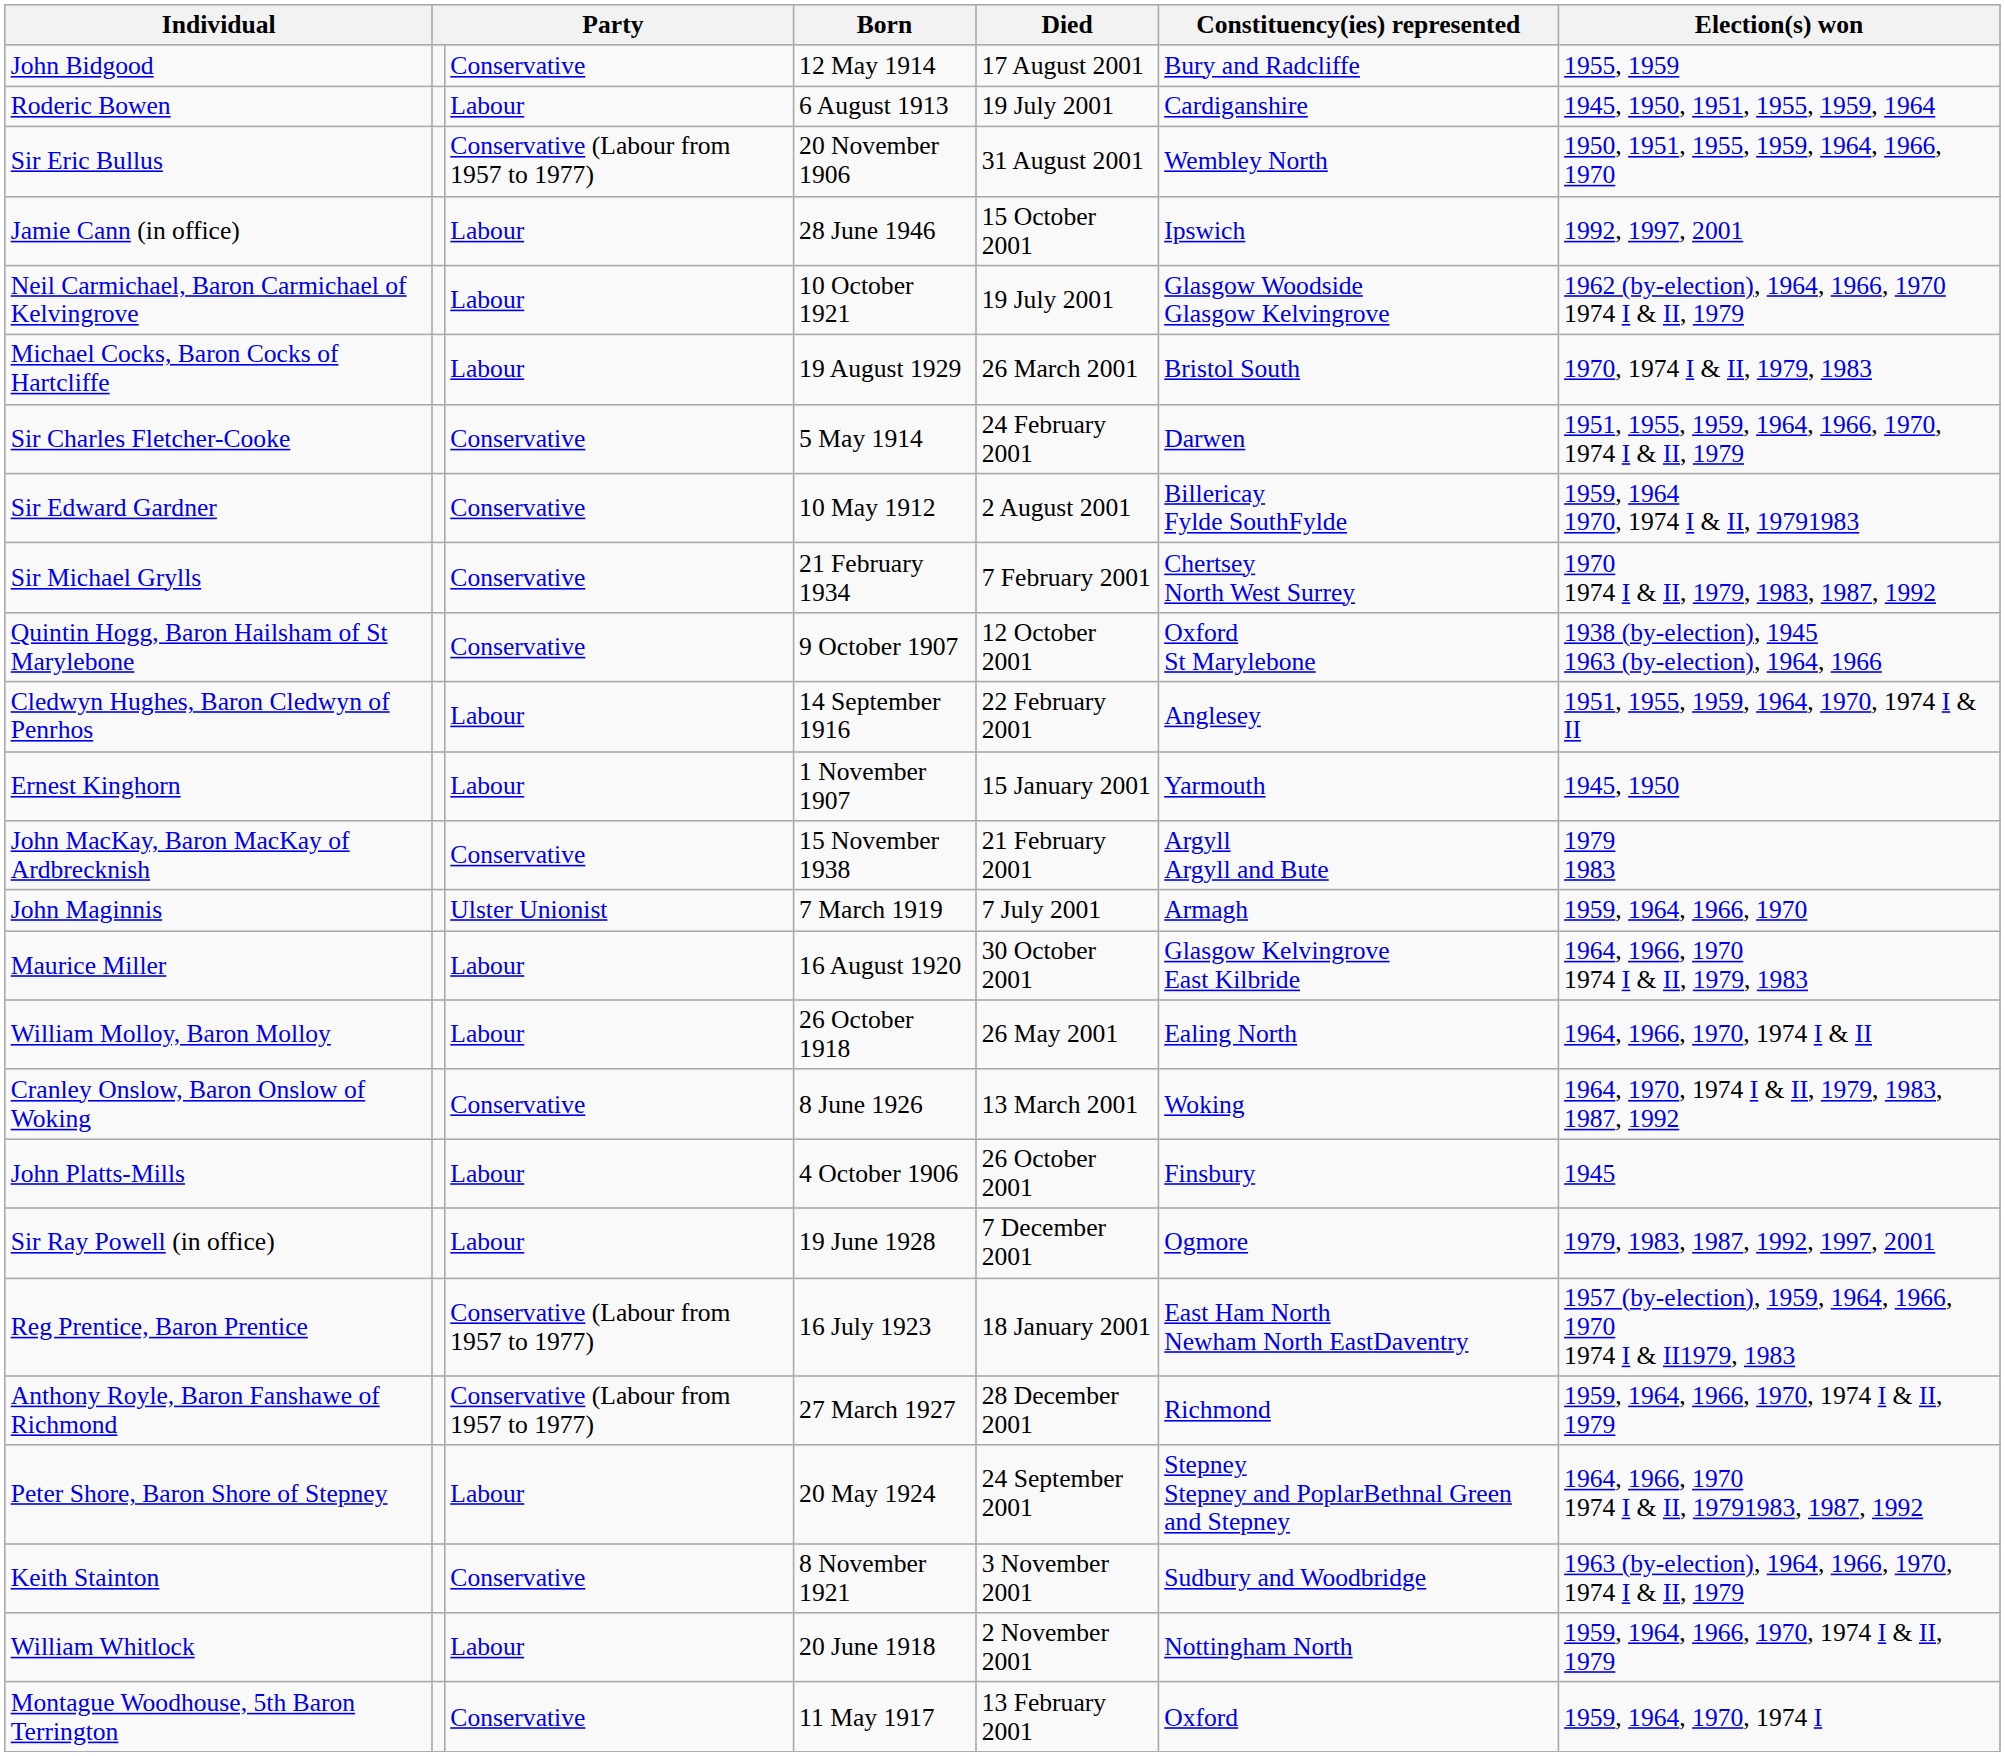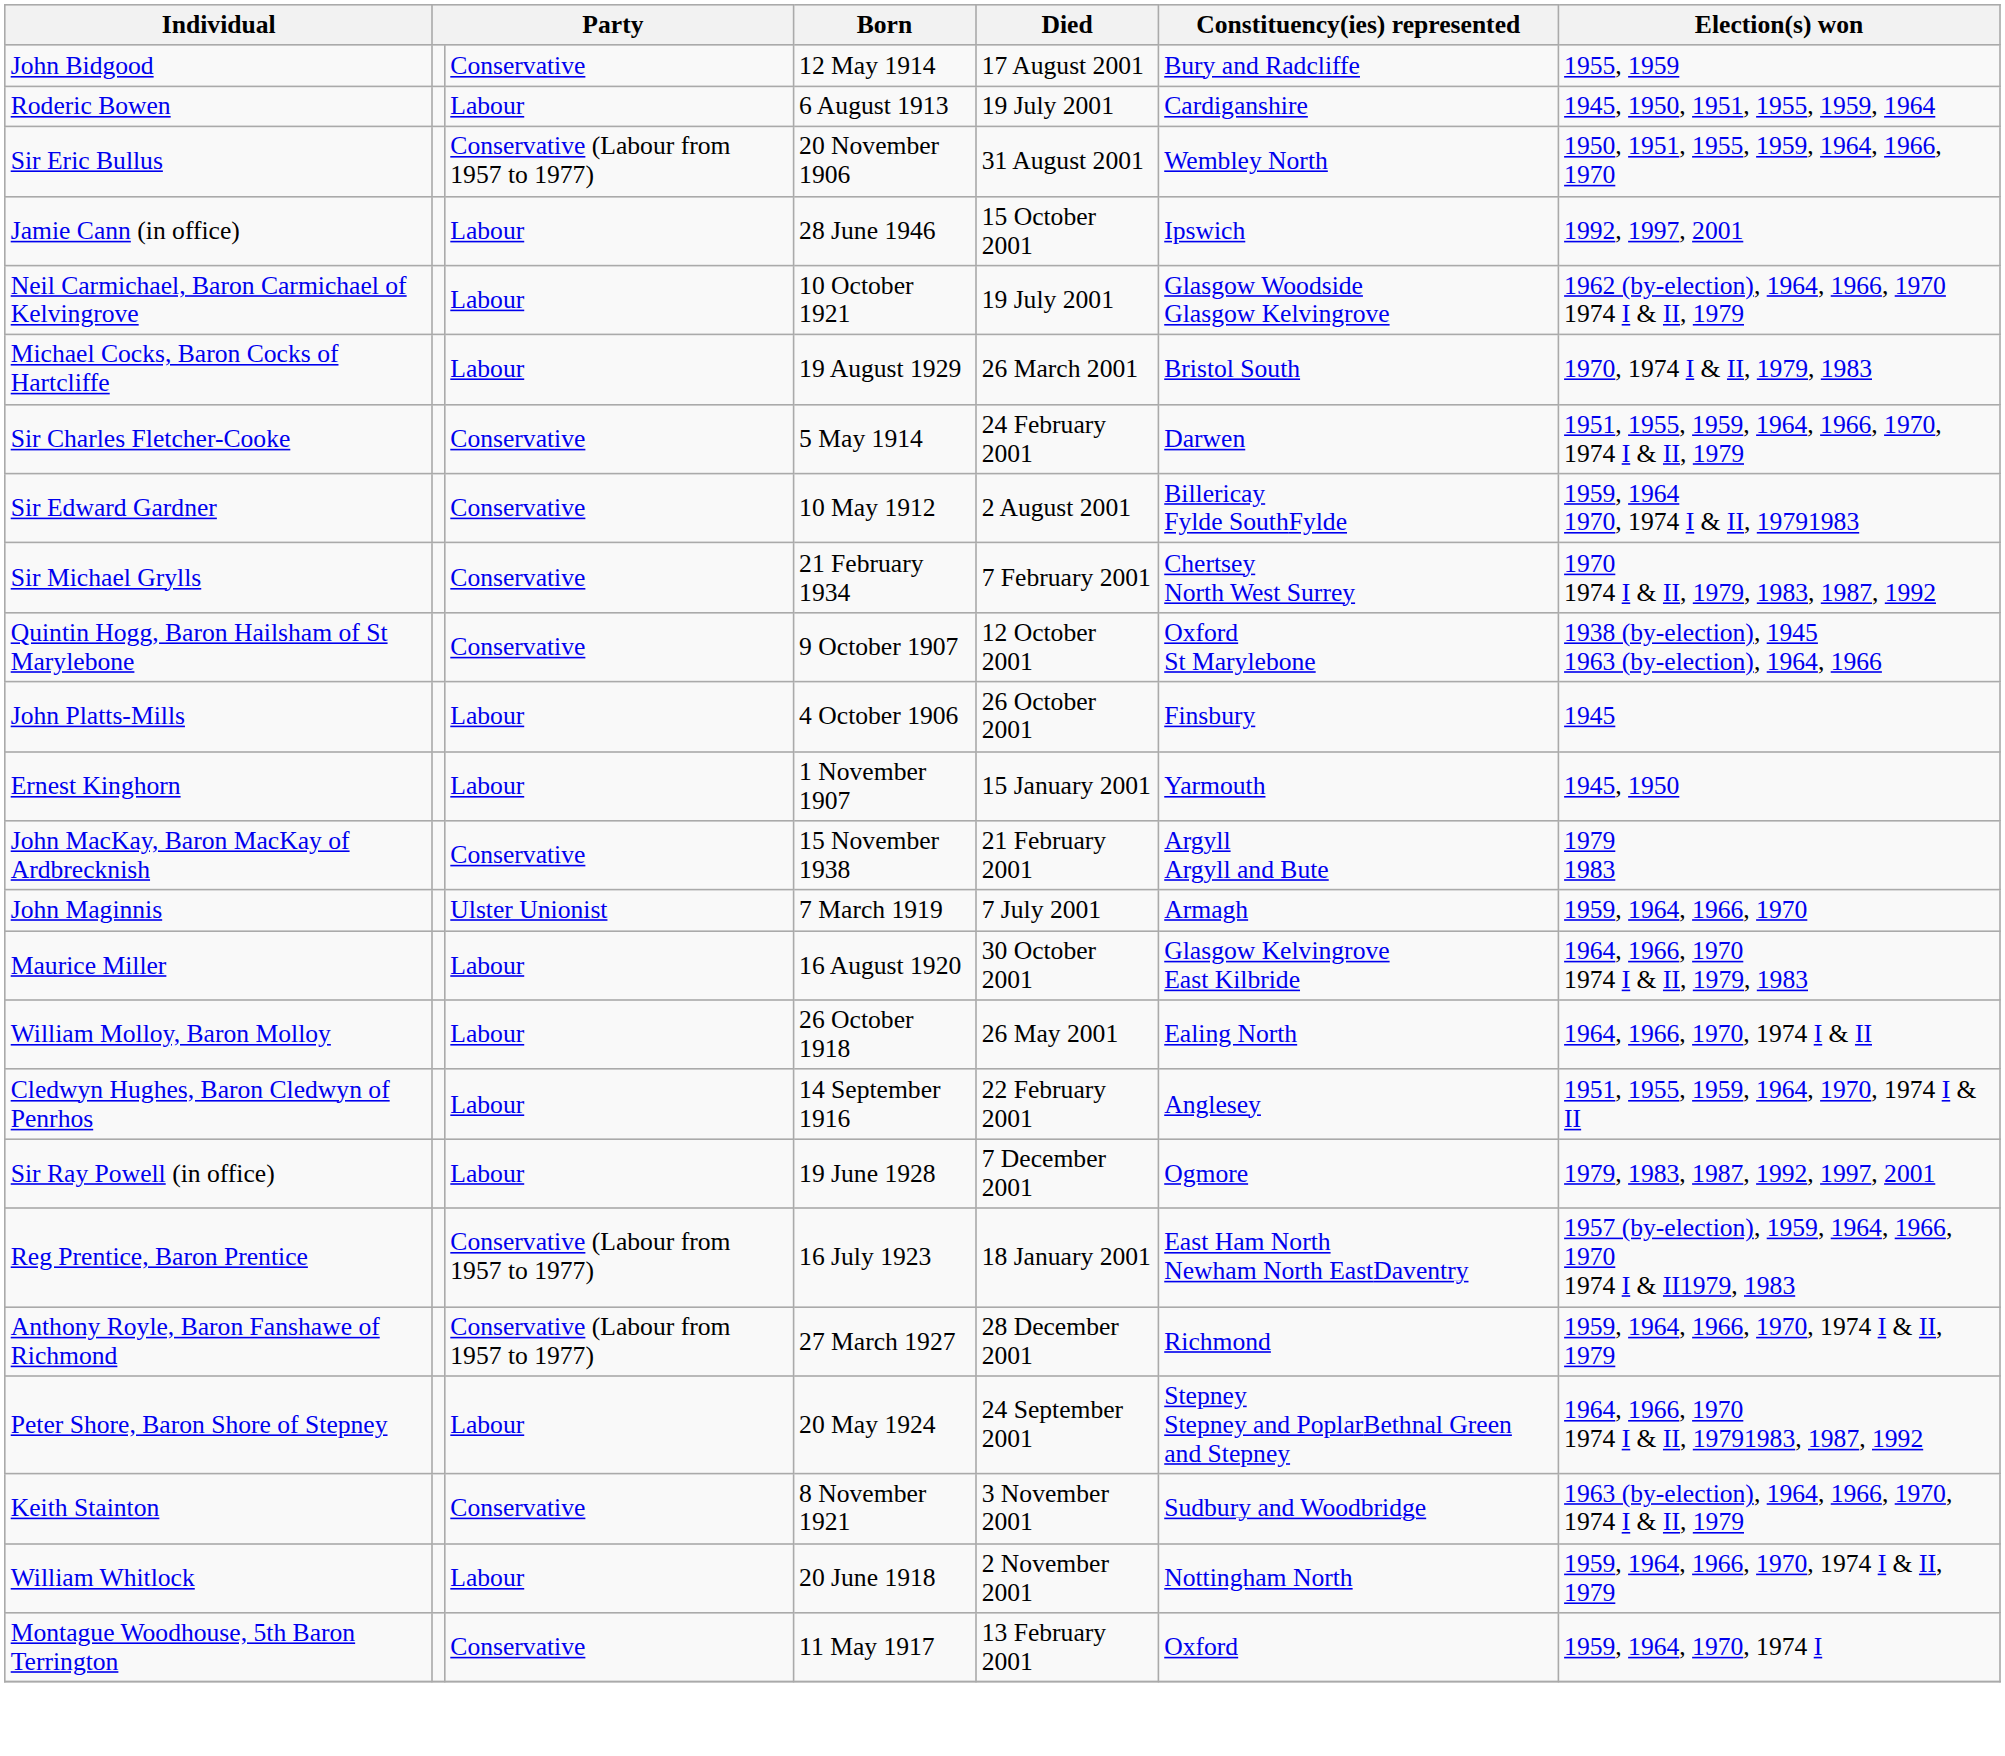 <table class="wikitable sortable">
 <tr>
 <th width="260px">Individual</th>
 <th colspan="2">Party</th>
 <th>Born</th>
 <th>Died</th>
 <th>Constituency(ies) represented</th>
 <th>Election(s) won</th>
 </tr>
 <tr>
 <td><a href='#'>John Bidgood</a></td>
 <td style="background-color: "></td>
 <td><a href='#'>Conservative</a></td>
 <td>12 May 1914</td>
 <td>17 August 2001</td>
 <td><a href='#'>Bury and Radcliffe</a></td>
 <td><a href='#'>1955</a>, <a href='#'>1959</a></td>
 </tr>
 <tr>
 <td><a href='#'>Roderic Bowen</a></td>
 <td style="background-color: "></td>
 <td><a href='#'>Labour</a></td>
 <td>6 August 1913</td>
 <td>19 July 2001</td>
 <td><a href='#'>Cardiganshire</a></td>
 <td><a href='#'>1945</a>, <a href='#'>1950</a>, <a href='#'>1951</a>, <a href='#'>1955</a>, <a href='#'>1959</a>, <a href='#'>1964</a></td>
 </tr>
 <tr>
 <td><a href='#'>Sir Eric Bullus</a></td>
 <td style="background-color: "></td>
 <td><a href='#'>Conservative</a> (Labour from 1957 to 1977)</td>
 <td>20 November 1906</td>
 <td>31 August 2001</td>
 <td><a href='#'>Wembley North</a></td>
 <td><a href='#'>1950</a>, <a href='#'>1951</a>, <a href='#'>1955</a>, <a href='#'>1959</a>, <a href='#'>1964</a>, <a href='#'>1966</a>, <a href='#'>1970</a></td>
 </tr>
 <tr>
 <td><a href='#'>Jamie Cann</a> (in office)</td>
 <td style="background-color: "></td>
 <td><a href='#'>Labour</a></td>
 <td>28 June 1946</td>
 <td>15 October 2001</td>
 <td><a href='#'>Ipswich</a></td>
 <td><a href='#'>1992</a>, <a href='#'>1997</a>, <a href='#'>2001</a></td>
 </tr>
 <tr>
 <td><a href='#'>Neil Carmichael, Baron Carmichael of Kelvingrove</a></td>
 <td style="background-color: "></td>
 <td><a href='#'>Labour</a></td>
 <td>10 October 1921</td>
 <td>19 July 2001</td>
 <td><a href='#'>Glasgow Woodside</a><br><a href='#'>Glasgow Kelvingrove</a></td>
 <td><a href='#'>1962 (by-election)</a>, <a href='#'>1964</a>, <a href='#'>1966</a>, <a href='#'>1970</a><br>1974 <a href='#'>I</a> & <a href='#'>II</a>, <a href='#'>1979</a></td>
 </tr>
 <tr>
 <td><a href='#'>Michael Cocks, Baron Cocks of Hartcliffe</a></td>
 <td style="background-color: "></td>
 <td><a href='#'>Labour</a></td>
 <td>19 August 1929</td>
 <td>26 March 2001</td>
 <td><a href='#'>Bristol South</a></td>
 <td><a href='#'>1970</a>, 1974 <a href='#'>I</a> & <a href='#'>II</a>, <a href='#'>1979</a>, <a href='#'>1983</a></td>
 </tr>
 <tr>
 <td><a href='#'>Sir Charles Fletcher-Cooke</a></td>
 <td style="background-color: "></td>
 <td><a href='#'>Conservative</a></td>
 <td>5 May 1914</td>
 <td>24 February 2001</td>
 <td><a href='#'>Darwen</a></td>
 <td><a href='#'>1951</a>, <a href='#'>1955</a>, <a href='#'>1959</a>, <a href='#'>1964</a>, <a href='#'>1966</a>, <a href='#'>1970</a>, 1974 <a href='#'>I</a> & <a href='#'>II</a>, <a href='#'>1979</a></td>
 </tr>
 <tr>
 <td><a href='#'>Sir Edward Gardner</a></td>
 <td style="background-color: "></td>
 <td><a href='#'>Conservative</a></td>
 <td>10 May 1912</td>
 <td>2 August 2001</td>
 <td><a href='#'>Billericay</a><br><a href='#'>Fylde South</a><a href='#'>Fylde</a></td>
 <td><a href='#'>1959</a>, <a href='#'>1964</a><br><a href='#'>1970</a>, 1974 <a href='#'>I</a> & <a href='#'>II</a>, <a href='#'>1979</a><a href='#'>1983</a></td>
 </tr>
 <tr>
 <td><a href='#'>Sir Michael Grylls</a></td>
 <td style="background-color: "></td>
 <td><a href='#'>Conservative</a></td>
 <td>21 February 1934</td>
 <td>7 February 2001</td>
 <td><a href='#'>Chertsey</a><br><a href='#'>North West Surrey</a></td>
 <td><a href='#'>1970</a><br>1974 <a href='#'>I</a> & <a href='#'>II</a>, <a href='#'>1979</a>, <a href='#'>1983</a>, <a href='#'>1987</a>, <a href='#'>1992</a></td>
 </tr>
 <tr>
 <td><a href='#'>Quintin Hogg, Baron Hailsham of St Marylebone</a></td>
 <td style="background-color: "></td>
 <td><a href='#'>Conservative</a></td>
 <td>9 October 1907</td>
 <td>12 October 2001</td>
 <td><a href='#'>Oxford</a><br><a href='#'>St Marylebone</a></td>
 <td><a href='#'>1938 (by-election)</a>, <a href='#'>1945</a><br><a href='#'>1963 (by-election)</a>, <a href='#'>1964</a>, <a href='#'>1966</a></td>
 </tr>
 <tr>
-<td><a href='#'>Cledwyn Hughes, Baron Cledwyn of Penrhos</a></td>
+<td><a href='#'>John Platts-Mills</a></td>
 <td style="background-color: "></td>
 <td><a href='#'>Labour</a></td>
-<td>14 September 1916</td>
-<td>22 February 2001</td>
-<td><a href='#'>Anglesey</a></td>
-<td><a href='#'>1951</a>, <a href='#'>1955</a>, <a href='#'>1959</a>, <a href='#'>1964</a>, <a href='#'>1970</a>, 1974 <a href='#'>I</a> & <a href='#'>II</a></td>
+<td>4 October 1906</td>
+<td>26 October 2001</td>
+<td><a href='#'>Finsbury</a></td>
+<td><a href='#'>1945</a></td>
 </tr>
 <tr>
 <td><a href='#'>Ernest Kinghorn</a></td>
 <td style="background-color: "></td>
 <td><a href='#'>Labour</a></td>
 <td>1 November 1907</td>
 <td>15 January 2001</td>
 <td><a href='#'>Yarmouth</a></td>
 <td><a href='#'>1945</a>, <a href='#'>1950</a></td>
 </tr>
 <tr>
 <td><a href='#'>John MacKay, Baron MacKay of Ardbrecknish</a></td>
 <td style="background-color: "></td>
 <td><a href='#'>Conservative</a></td>
 <td>15 November 1938</td>
 <td>21 February 2001</td>
 <td><a href='#'>Argyll</a><br><a href='#'>Argyll and Bute</a></td>
 <td><a href='#'>1979</a><br><a href='#'>1983</a></td>
 </tr>
 <tr>
 <td><a href='#'>John Maginnis</a></td>
 <td style="background-color: "></td>
 <td><a href='#'>Ulster Unionist</a></td>
 <td>7 March 1919</td>
 <td>7 July 2001</td>
 <td><a href='#'>Armagh</a></td>
 <td><a href='#'>1959</a>, <a href='#'>1964</a>, <a href='#'>1966</a>, <a href='#'>1970</a></td>
 </tr>
 <tr>
 <td><a href='#'>Maurice Miller</a></td>
 <td style="background-color: "></td>
 <td><a href='#'>Labour</a></td>
 <td>16 August 1920</td>
 <td>30 October 2001</td>
 <td><a href='#'>Glasgow Kelvingrove</a><br><a href='#'>East Kilbride</a></td>
 <td><a href='#'>1964</a>, <a href='#'>1966</a>, <a href='#'>1970</a><br>1974 <a href='#'>I</a> & <a href='#'>II</a>, <a href='#'>1979</a>, <a href='#'>1983</a></td>
 </tr>
 <tr>
 <td><a href='#'>William Molloy, Baron Molloy</a></td>
 <td style="background-color: "></td>
 <td><a href='#'>Labour</a></td>
 <td>26 October 1918</td>
 <td>26 May 2001</td>
 <td><a href='#'>Ealing North</a></td>
 <td><a href='#'>1964</a>, <a href='#'>1966</a>, <a href='#'>1970</a>, 1974 <a href='#'>I</a> & <a href='#'>II</a></td>
 </tr>
 <tr>
-<td><a href='#'>Cranley Onslow, Baron Onslow of Woking</a></td>
-<td style="background-color: "></td>
-<td><a href='#'>Conservative</a></td>
-<td>8 June 1926</td>
-<td>13 March 2001</td>
-<td><a href='#'>Woking</a></td>
-<td><a href='#'>1964</a>, <a href='#'>1970</a>, 1974 <a href='#'>I</a> & <a href='#'>II</a>, <a href='#'>1979</a>, <a href='#'>1983</a>, <a href='#'>1987</a>, <a href='#'>1992</a></td>
-</tr>
-<tr>
-<td><a href='#'>John Platts-Mills</a></td>
+<td><a href='#'>Cledwyn Hughes, Baron Cledwyn of Penrhos</a></td>
 <td style="background-color: "></td>
 <td><a href='#'>Labour</a></td>
-<td>4 October 1906</td>
-<td>26 October 2001</td>
-<td><a href='#'>Finsbury</a></td>
-<td><a href='#'>1945</a></td>
+<td>14 September 1916</td>
+<td>22 February 2001</td>
+<td><a href='#'>Anglesey</a></td>
+<td><a href='#'>1951</a>, <a href='#'>1955</a>, <a href='#'>1959</a>, <a href='#'>1964</a>, <a href='#'>1970</a>, 1974 <a href='#'>I</a> & <a href='#'>II</a></td>
 </tr>
 <tr>
 <td><a href='#'>Sir Ray Powell</a> (in office)</td>
 <td style="background-color: "></td>
 <td><a href='#'>Labour</a></td>
 <td>19 June 1928</td>
 <td>7 December 2001</td>
 <td><a href='#'>Ogmore</a></td>
 <td><a href='#'>1979</a>, <a href='#'>1983</a>, <a href='#'>1987</a>, <a href='#'>1992</a>, <a href='#'>1997</a>, <a href='#'>2001</a></td>
 </tr>
 <tr>
 <td><a href='#'>Reg Prentice, Baron Prentice</a></td>
 <td style="background-color: "></td>
 <td><a href='#'>Conservative</a> (Labour from 1957 to 1977)</td>
 <td>16 July 1923</td>
 <td>18 January 2001</td>
 <td><a href='#'>East Ham North</a><br><a href='#'>Newham North East</a><a href='#'>Daventry</a></td>
 <td><a href='#'>1957 (by-election)</a>, <a href='#'>1959</a>, <a href='#'>1964</a>, <a href='#'>1966</a>, <a href='#'>1970</a><br>1974 <a href='#'>I</a> & <a href='#'>II</a><a href='#'>1979</a>, <a href='#'>1983</a></td>
 </tr>
 <tr>
 <td><a href='#'>Anthony Royle, Baron Fanshawe of Richmond</a></td>
 <td style="background-color: "></td>
 <td><a href='#'>Conservative</a> (Labour from 1957 to 1977)</td>
 <td>27 March 1927</td>
 <td>28 December 2001</td>
 <td><a href='#'>Richmond</a></td>
 <td><a href='#'>1959</a>, <a href='#'>1964</a>, <a href='#'>1966</a>, <a href='#'>1970</a>, 1974 <a href='#'>I</a> & <a href='#'>II</a>, <a href='#'>1979</a></td>
 </tr>
 <tr>
 <td><a href='#'>Peter Shore, Baron Shore of Stepney</a></td>
 <td style="background-color: "></td>
 <td><a href='#'>Labour</a></td>
 <td>20 May 1924</td>
 <td>24 September 2001</td>
 <td><a href='#'>Stepney</a><br><a href='#'>Stepney and Poplar</a><a href='#'>Bethnal Green and Stepney</a></td>
 <td><a href='#'>1964</a>, <a href='#'>1966</a>, <a href='#'>1970</a><br>1974 <a href='#'>I</a> & <a href='#'>II</a>, <a href='#'>1979</a><a href='#'>1983</a>, <a href='#'>1987</a>, <a href='#'>1992</a></td>
 </tr>
 <tr>
 <td><a href='#'>Keith Stainton</a></td>
 <td style="background-color: "></td>
 <td><a href='#'>Conservative</a></td>
 <td>8 November 1921</td>
 <td>3 November 2001</td>
 <td><a href='#'>Sudbury and Woodbridge</a></td>
 <td><a href='#'>1963 (by-election)</a>, <a href='#'>1964</a>, <a href='#'>1966</a>, <a href='#'>1970</a>, 1974 <a href='#'>I</a> & <a href='#'>II</a>, <a href='#'>1979</a></td>
 </tr>
 <tr>
 <td><a href='#'>William Whitlock</a></td>
 <td style="background-color: "></td>
 <td><a href='#'>Labour</a></td>
 <td>20 June 1918</td>
 <td>2 November 2001</td>
 <td><a href='#'>Nottingham North</a></td>
 <td><a href='#'>1959</a>, <a href='#'>1964</a>, <a href='#'>1966</a>, <a href='#'>1970</a>, 1974 <a href='#'>I</a> & <a href='#'>II</a>, <a href='#'>1979</a></td>
 </tr>
 <tr>
 <td><a href='#'>Montague Woodhouse, 5th Baron Terrington</a></td>
 <td style="background-color: "></td>
 <td><a href='#'>Conservative</a></td>
 <td>11 May 1917</td>
 <td>13 February 2001</td>
 <td><a href='#'>Oxford</a></td>
 <td><a href='#'>1959</a>, <a href='#'>1964</a>, <a href='#'>1970</a>, 1974 <a href='#'>I</a></td>
 </tr>
 <tr>
 </tr>
 </table>
